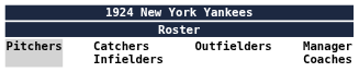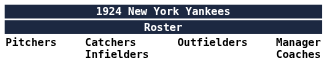 <table class="toccolours" style="font-size: 95%;">
 <tr>
 <th colspan="10" style="background-color: #1c2841; color: white; text-align: center;">1924 New York Yankees</th>
 </tr>
 <tr>
 <td colspan="10" style="background-color: #1c2841; color: white; text-align: center;"><strong>Roster</strong></td>
 </tr>
 <tr>
-<td valign="top" style="background: lightgrey;"><strong>Pitchers</strong><br>           </td>
+<td valign="top"><strong>Pitchers</strong><br>           </td>
 <td width="25px"></td>
 <td valign="top"><strong>Catchers</strong><br>    <strong>Infielders</strong>        </td>
 <td width="25px"></td>
 <td valign="top"><strong>Outfielders</strong><br>      </td>
 <td width="25px"></td>
 <td valign="top"><strong>Manager</strong><br> <strong>Coaches</strong> </td>
 </tr>
 </table>
